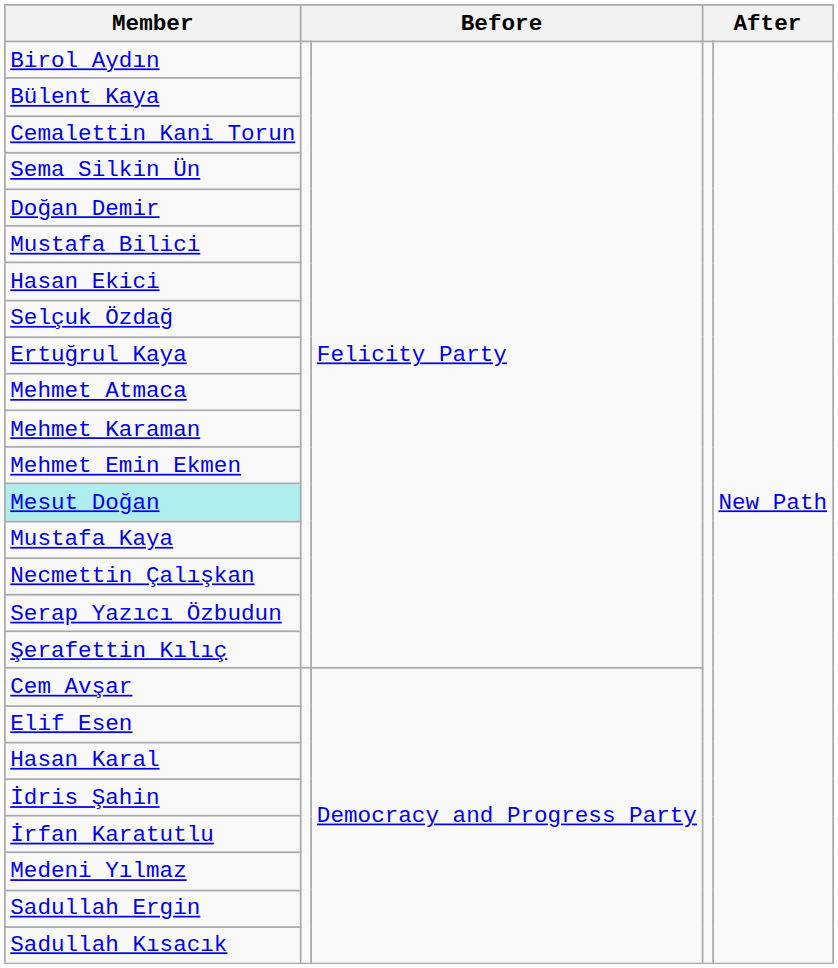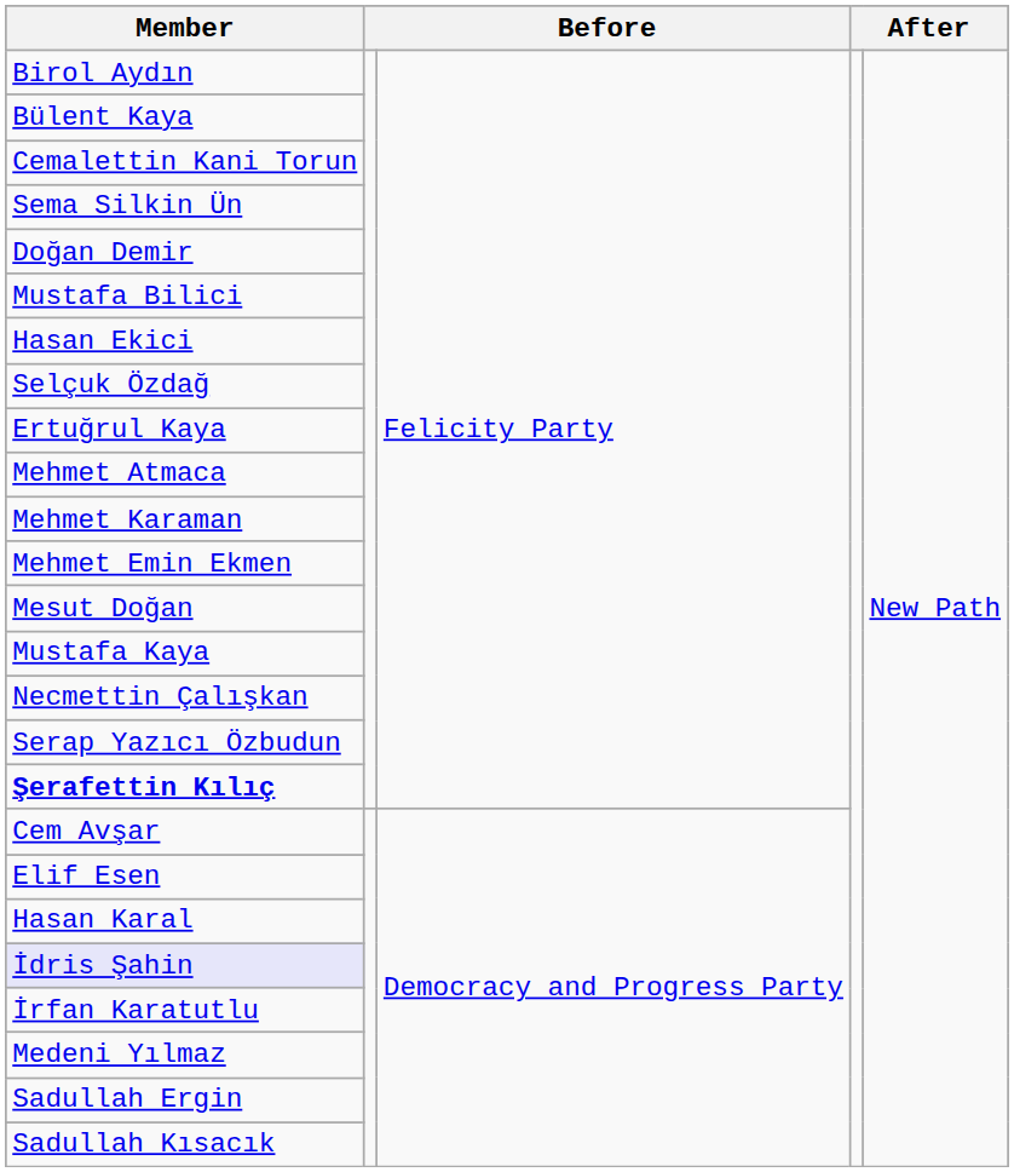 <table class="wikitable sortable">
 <tr>
 <th>Member</th>
 <th colspan="2">Before</th>
 <th colspan="2">After</th>
 </tr>
 <tr>
 <td><a href='#'>Birol Aydın</a></td>
 <td rowspan="17" style="background:"></td>
 <td rowspan="17"><a href='#'>Felicity Party</a></td>
 <td rowspan="25" style="background:"></td>
 <td rowspan="25"><a href='#'>New Path</a></td>
 </tr>
 <tr>
 <td><a href='#'>Bülent Kaya</a></td>
 </tr>
 <tr>
 <td><a href='#'>Cemalettin Kani Torun</a></td>
 </tr>
 <tr>
 <td><a href='#'>Sema Silkin Ün</a></td>
 </tr>
 <tr>
 <td><a href='#'>Doğan Demir</a></td>
 </tr>
 <tr>
 <td><a href='#'>Mustafa Bilici</a></td>
 </tr>
 <tr>
 <td><a href='#'>Hasan Ekici</a></td>
 </tr>
 <tr>
 <td><a href='#'>Selçuk Özdağ</a></td>
 </tr>
 <tr>
 <td><a href='#'>Ertuğrul Kaya</a></td>
 </tr>
 <tr>
 <td><a href='#'>Mehmet Atmaca</a></td>
 </tr>
 <tr>
 <td><a href='#'>Mehmet Karaman</a></td>
 </tr>
 <tr>
 <td><a href='#'>Mehmet Emin Ekmen</a></td>
 </tr>
 <tr>
-<td style="background: paleturquoise;"><a href='#'>Mesut Doğan</a></td>
+<td><a href='#'>Mesut Doğan</a></td>
 </tr>
 <tr>
 <td><a href='#'>Mustafa Kaya</a></td>
 </tr>
 <tr>
 <td><a href='#'>Necmettin Çalışkan</a></td>
 </tr>
 <tr>
 <td><a href='#'>Serap Yazıcı Özbudun</a></td>
 </tr>
 <tr>
-<td><a href='#'>Şerafettin Kılıç</a></td>
+<td><strong><a href='#'>Şerafettin Kılıç</a></strong></td>
 </tr>
 <tr>
 <td><a href='#'>Cem Avşar</a></td>
 <td rowspan="8" style="background:"></td>
 <td rowspan="8"><a href='#'>Democracy and Progress Party</a></td>
 </tr>
 <tr>
 <td><a href='#'>Elif Esen</a></td>
 </tr>
 <tr>
 <td><a href='#'>Hasan Karal</a></td>
 </tr>
 <tr>
-<td><a href='#'>İdris Şahin</a></td>
+<td style="background: lavender;"><a href='#'>İdris Şahin</a></td>
 </tr>
 <tr>
 <td><a href='#'>İrfan Karatutlu</a></td>
 </tr>
 <tr>
 <td><a href='#'>Medeni Yılmaz</a></td>
 </tr>
 <tr>
 <td><a href='#'>Sadullah Ergin</a></td>
 </tr>
 <tr>
 <td><a href='#'>Sadullah Kısacık</a></td>
 </tr>
 </table>
